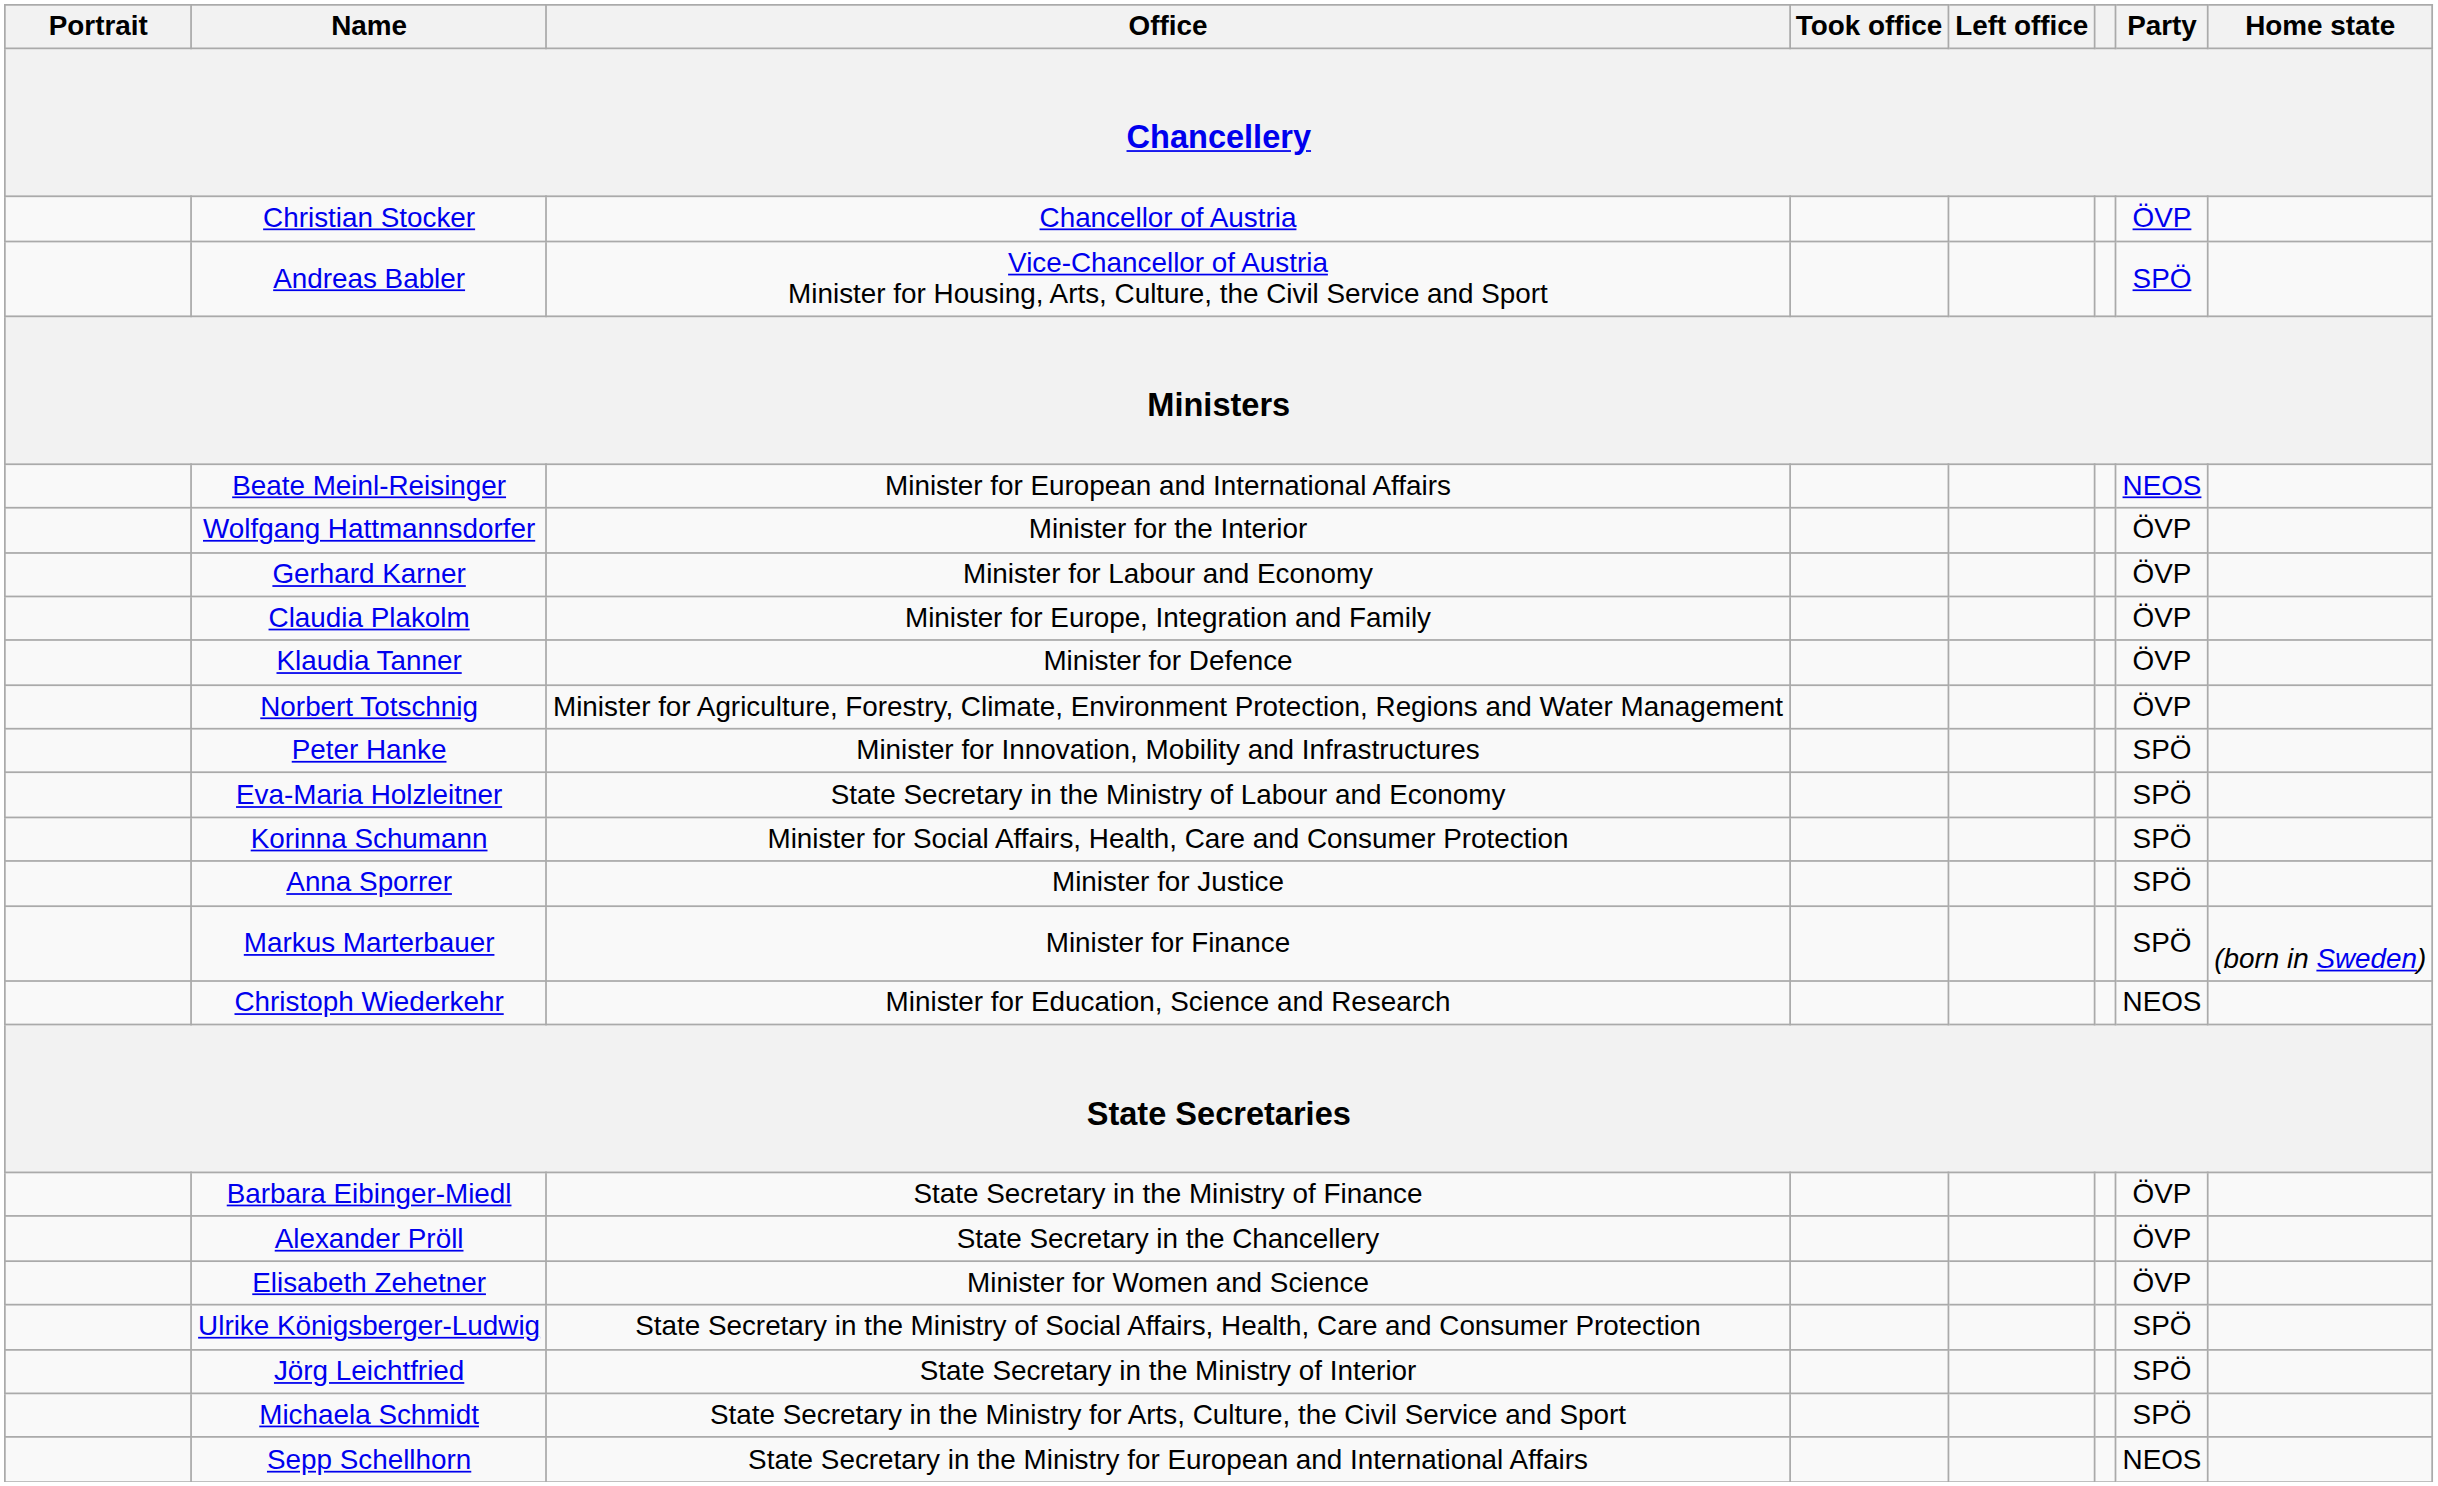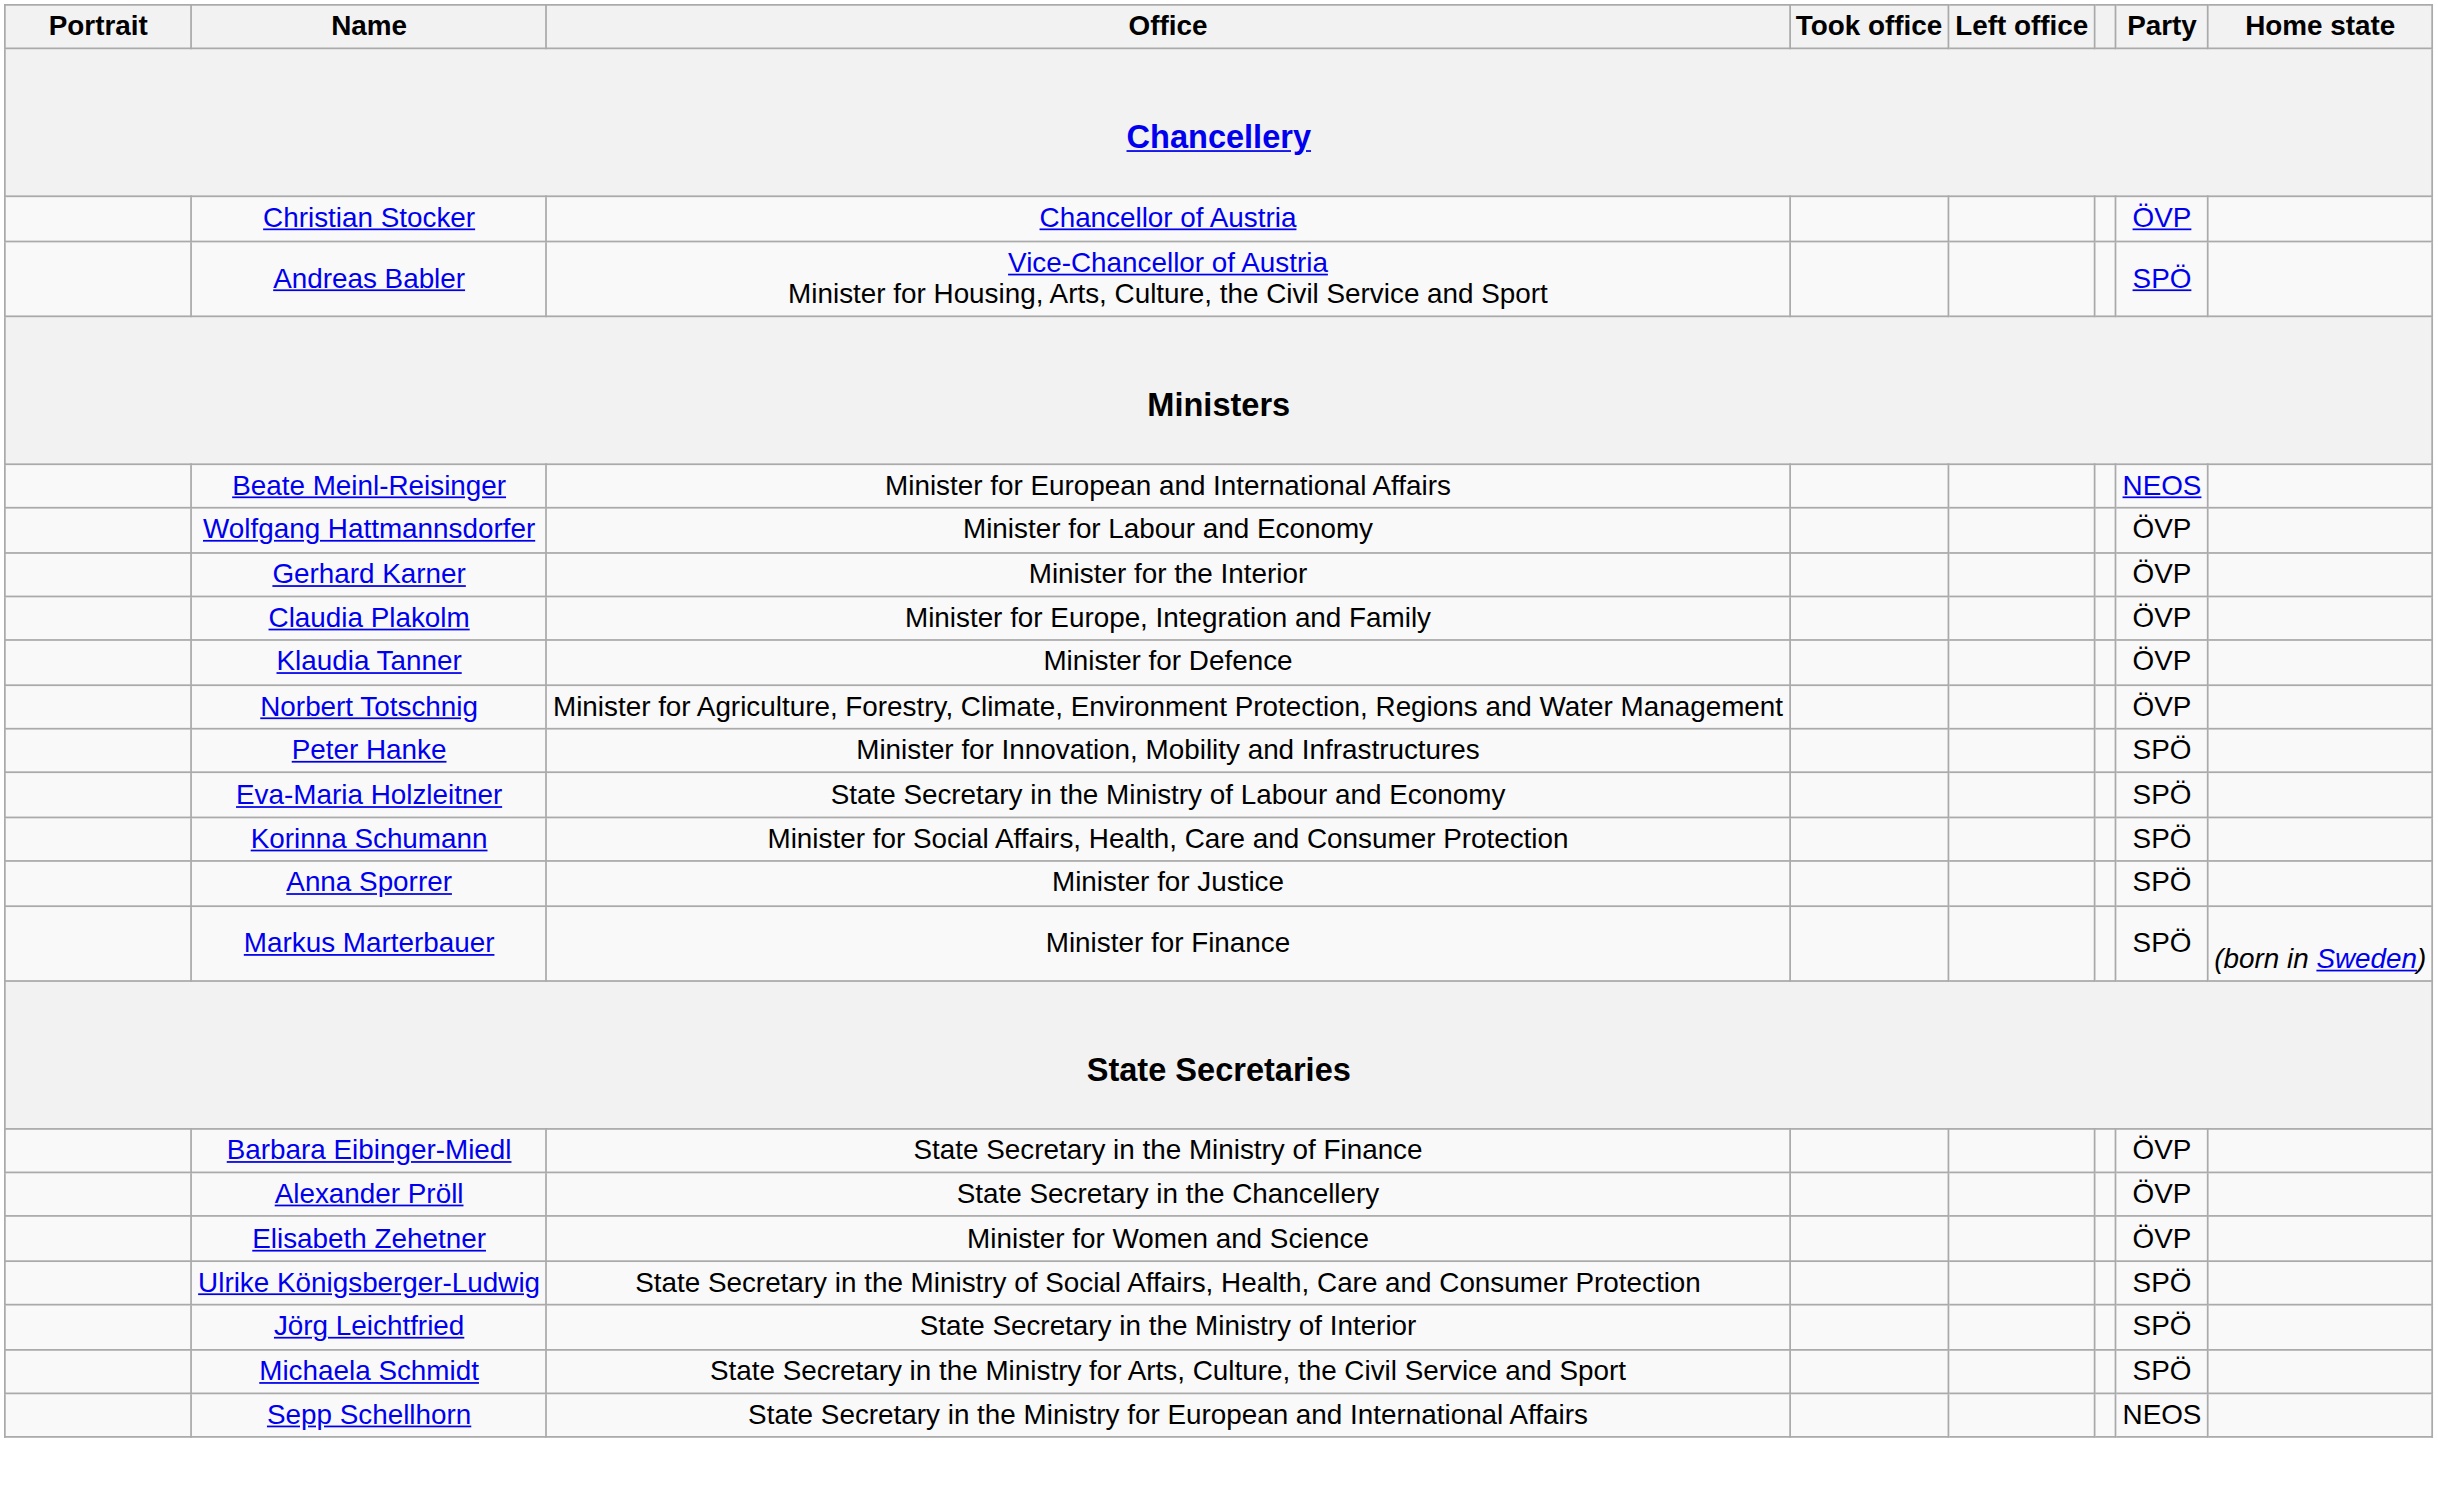 <table class="wikitable sortable" style="border:#555; text-align:center; ">
 <tr>
 <th class="unsortable" style="width:100px;">Portrait</th>
 <th>Name</th>
 <th>Office</th>
 <th>Took office</th>
 <th>Left office</th>
 <th class="unsortable" style="width:5px;"></th>
 <th>Party</th>
 <th>Home state</th>
 </tr>
 <tr>
 <th colspan="8"><br><h3><a href='#'>Chancellery</a></h3></th>
 </tr>
 <tr>
 <td></td>
 <td><a href='#'>Christian Stocker</a></td>
 <td><a href='#'>Chancellor of Austria</a></td>
 <td></td>
 <td></td>
 <td style="background-color: "></td>
 <td><a href='#'>ÖVP</a></td>
 <td></td>
 </tr>
 <tr>
 <td></td>
 <td><a href='#'>Andreas Babler</a></td>
 <td><a href='#'>Vice-Chancellor of Austria</a><br>Minister for Housing, Arts, Culture, the Civil Service and Sport</td>
 <td></td>
 <td></td>
 <td style="background-color: "></td>
 <td><a href='#'>SPÖ</a></td>
 <td></td>
 </tr>
 <tr>
 <th colspan="8"><br><h3>Ministers</h3></th>
 </tr>
 <tr>
 <td></td>
 <td><a href='#'>Beate Meinl-Reisinger</a></td>
 <td>Minister for European and International Affairs</td>
 <td></td>
 <td></td>
 <td style="background-color: "></td>
 <td><a href='#'>NEOS</a></td>
 <td></td>
 </tr>
 <tr>
 <td></td>
 <td><a href='#'>Wolfgang Hattmannsdorfer</a></td>
-<td>Minister for the Interior</td>
+<td>Minister for Labour and Economy</td>
 <td></td>
 <td></td>
 <td style="background-color: "></td>
 <td>ÖVP</td>
 <td></td>
 </tr>
 <tr>
 <td></td>
 <td><a href='#'>Gerhard Karner</a></td>
-<td>Minister for Labour and Economy</td>
+<td>Minister for the Interior</td>
 <td></td>
 <td></td>
 <td style="background-color: "></td>
 <td>ÖVP</td>
 <td></td>
 </tr>
 <tr>
 <td></td>
 <td><a href='#'>Claudia Plakolm</a></td>
 <td>Minister for Europe, Integration and Family</td>
 <td></td>
 <td></td>
 <td style="background-color: "></td>
 <td>ÖVP</td>
 <td></td>
 </tr>
 <tr>
 <td></td>
 <td><a href='#'>Klaudia Tanner</a></td>
 <td>Minister for Defence</td>
 <td></td>
 <td></td>
 <td style="background-color: "></td>
 <td>ÖVP</td>
 <td></td>
 </tr>
 <tr>
 <td></td>
 <td><a href='#'>Norbert Totschnig</a></td>
 <td>Minister for Agriculture, Forestry, Climate, Environment Protection, Regions and Water Management</td>
 <td></td>
 <td></td>
 <td style="background-color: "></td>
 <td>ÖVP</td>
 <td></td>
 </tr>
 <tr>
 <td></td>
 <td><a href='#'>Peter Hanke</a></td>
 <td>Minister for Innovation, Mobility and Infrastructures</td>
 <td></td>
 <td></td>
 <td style="background-color: "></td>
 <td>SPÖ</td>
 <td></td>
 </tr>
 <tr>
 <td></td>
 <td><a href='#'>Eva-Maria Holzleitner</a></td>
 <td>State Secretary in the Ministry of Labour and Economy</td>
 <td></td>
 <td></td>
 <td style="background-color: "></td>
 <td>SPÖ</td>
 <td></td>
 </tr>
 <tr>
 <td></td>
 <td><a href='#'>Korinna Schumann</a></td>
 <td>Minister for Social Affairs, Health, Care and Consumer Protection</td>
 <td></td>
 <td></td>
 <td style="background-color: "></td>
 <td>SPÖ</td>
 <td></td>
 </tr>
 <tr>
 <td></td>
 <td><a href='#'>Anna Sporrer</a></td>
 <td>Minister for Justice</td>
 <td></td>
 <td></td>
 <td style="background-color: "></td>
 <td>SPÖ</td>
 <td></td>
 </tr>
 <tr>
 <td></td>
 <td><a href='#'>Markus Marterbauer</a></td>
 <td>Minister for Finance</td>
 <td></td>
 <td></td>
 <td style="background-color: "></td>
 <td>SPÖ</td>
 <td><br><em>(born in <a href='#'>Sweden</a>)</em></td>
 </tr>
 <tr>
-<td></td>
-<td><a href='#'>Christoph Wiederkehr</a></td>
-<td>Minister for Education, Science and Research</td>
-<td></td>
-<td></td>
-<td style="background-color: "></td>
-<td>NEOS</td>
-<td></td>
-</tr>
-<tr>
 <th colspan="8"><br><h3>State Secretaries</h3></th>
 </tr>
 <tr>
 <td></td>
 <td><a href='#'>Barbara Eibinger-Miedl</a></td>
 <td>State Secretary in the Ministry of Finance</td>
 <td></td>
 <td></td>
 <td style="background-color: "></td>
 <td>ÖVP</td>
 <td></td>
 </tr>
 <tr>
 <td></td>
 <td><a href='#'>Alexander Pröll</a></td>
 <td>State Secretary in the Chancellery</td>
 <td></td>
 <td></td>
 <td style="background-color: "></td>
 <td>ÖVP</td>
 <td></td>
 </tr>
 <tr>
 <td></td>
 <td><a href='#'>Elisabeth Zehetner</a></td>
 <td>Minister for Women and Science</td>
 <td></td>
 <td></td>
 <td style="background-color: "></td>
 <td>ÖVP</td>
 <td></td>
 </tr>
 <tr>
 <td></td>
 <td><a href='#'>Ulrike Königsberger-Ludwig</a></td>
 <td>State Secretary in the Ministry of Social Affairs, Health, Care and Consumer Protection</td>
 <td></td>
 <td></td>
 <td style="background-color: "></td>
 <td>SPÖ</td>
 <td></td>
 </tr>
 <tr>
 <td></td>
 <td><a href='#'>Jörg Leichtfried</a></td>
 <td>State Secretary in the Ministry of Interior</td>
 <td></td>
 <td></td>
 <td style="background-color: "></td>
 <td>SPÖ</td>
 <td></td>
 </tr>
 <tr>
 <td></td>
 <td><a href='#'>Michaela Schmidt</a></td>
 <td>State Secretary in the Ministry for Arts, Culture, the Civil Service and Sport</td>
 <td></td>
 <td></td>
 <td style="background-color: "></td>
 <td>SPÖ</td>
 <td></td>
 </tr>
 <tr>
 <td></td>
 <td><a href='#'>Sepp Schellhorn</a></td>
 <td>State Secretary in the Ministry for European and International Affairs</td>
 <td></td>
 <td></td>
 <td style="background-color: "></td>
 <td>NEOS</td>
 <td></td>
 </tr>
 </table>
